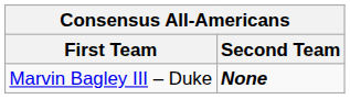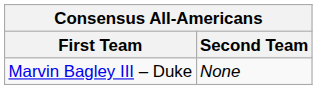 <table class="wikitable" style="font-size: 95%">
 <tr>
 <th Colspan=2>Consensus All-Americans</th>
 </tr>
 <tr>
 <th>First Team</th>
 <th>Second Team</th>
 </tr>
 <tr>
 <td><a href='#'>Marvin Bagley III</a> – Duke</td>
-<td><strong><em>None</em></strong></td>
+<td><em>None</em></td>
 </tr>
 </table>
